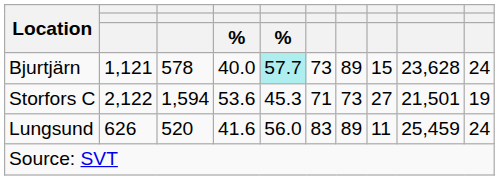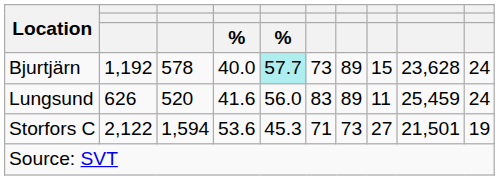 <table role="presentation" class="wikitable sortable mw-collapsible">
 <tr>
 <th rowspan="3">Location</th>
 <th></th>
 <th></th>
 <th></th>
 <th></th>
 <th></th>
 <th></th>
 <th></th>
 <th></th>
 <th></th>
 </tr>
 <tr>
 <th></th>
 <th></th>
 <th style="background:"></th>
 <th style="background:"></th>
 <th></th>
 <th></th>
 <th></th>
 <th></th>
 <th></th>
 </tr>
 <tr>
 <th data-sort-type="number"></th>
 <th data-sort-type="number"></th>
 <th data-sort-type="number">%</th>
 <th data-sort-type="number">%</th>
 <th data-sort-type="number"></th>
 <th data-sort-type="number"></th>
 <th data-sort-type="number"></th>
 <th data-sort-type="number"></th>
 <th data-sort-type="number"></th>
 </tr>
 <tr>
 <td align="left">Bjurtjärn</td>
-<td>1,121</td>
+<td>1,192</td>
 <td>578</td>
 <td>40.0</td>
 <td style="background: paleturquoise;">57.7</td>
 <td>73</td>
 <td>89</td>
 <td>15</td>
 <td>23,628</td>
+<td>24</td>
+</tr>
+<tr>
+<td align="left">Lungsund</td>
+<td>626</td>
+<td>520</td>
+<td>41.6</td>
+<td>56.0</td>
+<td>83</td>
+<td>89</td>
+<td>11</td>
+<td>25,459</td>
 <td>24</td>
 </tr>
 <tr>
 <td align="left">Storfors C</td>
 <td>2,122</td>
 <td>1,594</td>
 <td>53.6</td>
 <td>45.3</td>
 <td>71</td>
 <td>73</td>
 <td>27</td>
 <td>21,501</td>
 <td>19</td>
 </tr>
 <tr>
-<td align="left">Lungsund</td>
-<td>626</td>
-<td>520</td>
-<td>41.6</td>
-<td>56.0</td>
-<td>83</td>
-<td>89</td>
-<td>11</td>
-<td>25,459</td>
-<td>24</td>
-</tr>
-<tr>
 <td colspan="10" align="left">Source: <a href='#'>SVT</a></td>
 </tr>
 </table>
